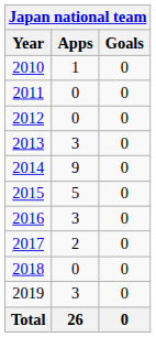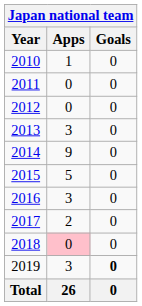 <table class="wikitable" style="text-align:center">
 <tr>
 <th colspan=3><a href='#'>Japan national team</a></th>
 </tr>
 <tr>
 <th>Year</th>
 <th>Apps</th>
 <th>Goals</th>
 </tr>
 <tr>
 <td><a href='#'>2010</a></td>
 <td>1</td>
 <td>0</td>
 </tr>
 <tr>
 <td><a href='#'>2011</a></td>
 <td>0</td>
 <td>0</td>
 </tr>
 <tr>
 <td><a href='#'>2012</a></td>
 <td>0</td>
 <td>0</td>
 </tr>
 <tr>
 <td><a href='#'>2013</a></td>
 <td>3</td>
 <td>0</td>
 </tr>
 <tr>
 <td><a href='#'>2014</a></td>
 <td>9</td>
 <td>0</td>
 </tr>
 <tr>
 <td><a href='#'>2015</a></td>
 <td>5</td>
 <td>0</td>
 </tr>
 <tr>
 <td><a href='#'>2016</a></td>
 <td>3</td>
 <td>0</td>
 </tr>
 <tr>
 <td><a href='#'>2017</a></td>
 <td>2</td>
 <td>0</td>
 </tr>
 <tr>
 <td><a href='#'>2018</a></td>
-<td>0</td>
+<td style="background: pink;">0</td>
 <td>0</td>
 </tr>
 <tr>
 <td>2019</td>
 <td>3</td>
-<td>0</td>
+<td><strong>0</strong></td>
 </tr>
 <tr>
 <th>Total</th>
 <th>26</th>
 <th>0</th>
 </tr>
 </table>
